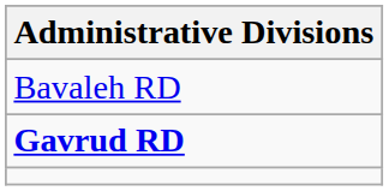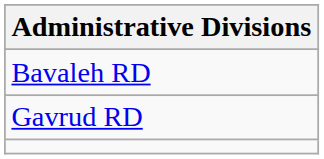 <table class="wikitable">
 <tr>
 <th>Administrative Divisions</th>
 </tr>
 <tr>
 <td><a href='#'>Bavaleh RD</a></td>
 </tr>
 <tr>
-<td><strong><a href='#'>Gavrud RD</a></strong></td>
+<td><a href='#'>Gavrud RD</a></td>
 </tr>
 <tr>
 <td colspan=1></td>
 </tr>
 </table>
